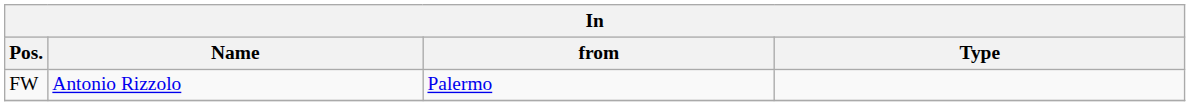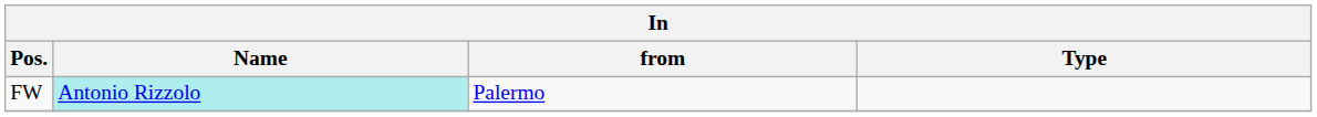 <table class="wikitable" style="font-size:90%;width:99%;">
 <tr>
 <th colspan="4">In</th>
 </tr>
 <tr>
 <th width=3%>Pos.</th>
 <th width=32%>Name</th>
 <th width=30%>from</th>
 <th width=35%>Type</th>
 </tr>
 <tr>
 <td>FW</td>
-<td><a href='#'>Antonio Rizzolo</a></td>
+<td style="background: paleturquoise;"><a href='#'>Antonio Rizzolo</a></td>
 <td><a href='#'>Palermo</a></td>
 <td></td>
 </tr>
 <tr>
 </tr>
 </table>
